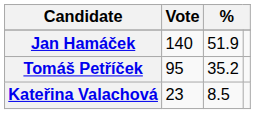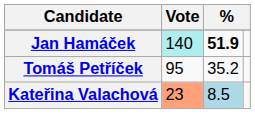 <table class="wikitable">
 <tr>
 <th>Candidate</th>
 <th>Vote</th>
 <th colspan=3>%</th>
 </tr>
 <tr>
 </tr>
 <tr>
 <th><a href='#'>Jan Hamáček</a></th>
-<td>140</td>
-<td>51.9</td>
+<td style="background: paleturquoise;">140</td>
+<td><strong>51.9</strong></td>
 <td></td>
 </tr>
 <tr>
 <th><a href='#'>Tomáš Petříček</a></th>
 <td>95</td>
 <td>35.2</td>
 <td></td>
 </tr>
 <tr>
 <th><a href='#'>Kateřina Valachová</a></th>
-<td>23</td>
-<td>8.5</td>
+<td style="background: lightsalmon;">23</td>
+<td style="background: lightblue;">8.5</td>
 <td></td>
 </tr>
 </table>
